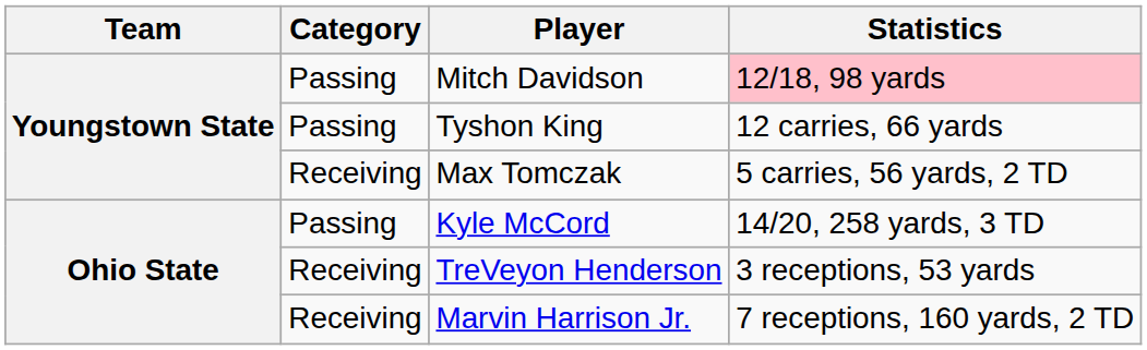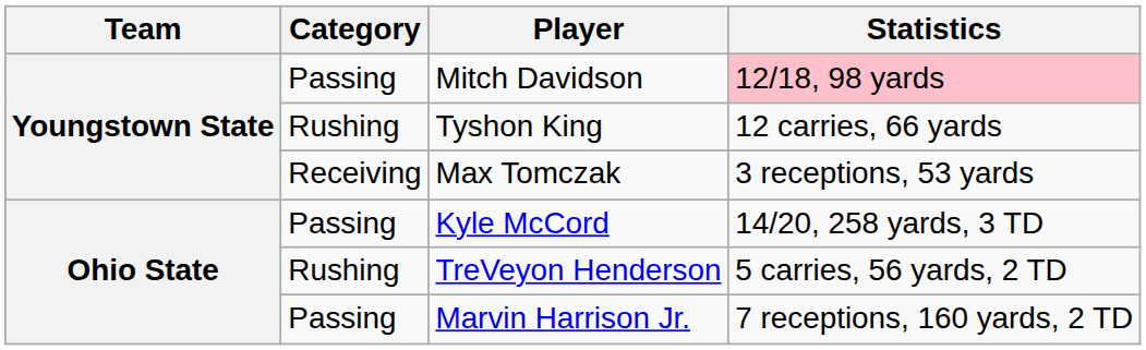 <table class="wikitable" style="float:right">
 <tr>
 <th>Team</th>
 <th>Category</th>
 <th>Player</th>
 <th>Statistics</th>
 </tr>
 <tr>
 <th rowspan=3>Youngstown State</th>
 <td>Passing</td>
 <td>Mitch Davidson</td>
 <td style="background: pink;">12/18, 98 yards</td>
 </tr>
 <tr>
-<td>Passing</td>
+<td>Rushing</td>
 <td>Tyshon King</td>
 <td>12 carries, 66 yards</td>
 </tr>
 <tr>
 <td>Receiving</td>
 <td>Max Tomczak</td>
-<td>5 carries, 56 yards, 2 TD</td>
+<td>3 receptions, 53 yards</td>
 </tr>
 <tr>
 <th rowspan=3>Ohio State</th>
 <td>Passing</td>
 <td><a href='#'>Kyle McCord</a></td>
 <td>14/20, 258 yards, 3 TD</td>
 </tr>
 <tr>
-<td>Receiving</td>
+<td>Rushing</td>
 <td><a href='#'>TreVeyon Henderson</a></td>
-<td>3 receptions, 53 yards</td>
+<td>5 carries, 56 yards, 2 TD</td>
 </tr>
 <tr>
-<td>Receiving</td>
+<td>Passing</td>
 <td><a href='#'>Marvin Harrison Jr.</a></td>
 <td>7 receptions, 160 yards, 2 TD</td>
 </tr>
 </table>
